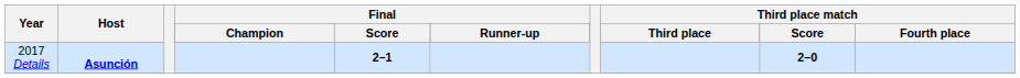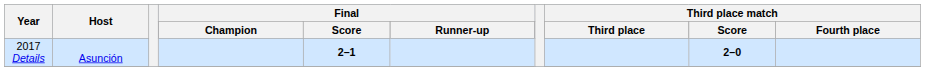 <table class="wikitable" style="font-size:90%; width: 98%; text-align: center;">
 <tr bgcolor=#C1D8FF>
 <th rowspan=2 width=5%>Year</th>
 <th rowspan=2 width=10%>Host</th>
 <th width=1% rowspan=100 bgcolor=ffffff></th>
 <th colspan=3>Final</th>
 <th width=1% rowspan=100 bgcolor=ffffff></th>
 <th colspan=3>Third place match</th>
 </tr>
 <tr bgcolor=FEF>
 <th width=15%>Champion</th>
 <th width=9%>Score</th>
 <th width=15%>Runner-up</th>
 <th width=15%>Third place</th>
 <th width=9%>Score</th>
 <th width=15%>Fourth place</th>
 </tr>
 <tr bgcolor=#D0E7FF>
 <td>2017<br><em><a href='#'>Details</a></em></td>
-<td><strong><br><a href='#'>Asunción</a></strong></td>
+<td><br><a href='#'>Asunción</a></td>
 <td><strong></strong></td>
 <td><strong> 2–1 </strong></td>
 <td><strong></strong></td>
 <td><strong></strong></td>
 <td><strong> 2–0 </strong></td>
 <td><strong></strong></td>
 </tr>
 <tr>
 </tr>
 </table>
